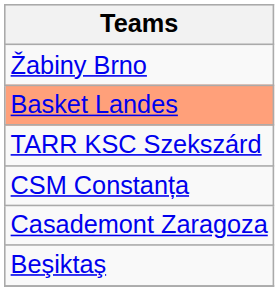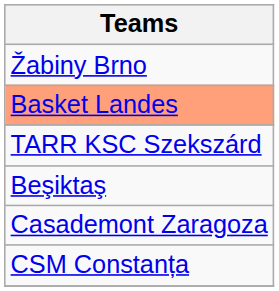 <table class="wikitable">
 <tr>
 <th>Teams</th>
 </tr>
 <tr>
 <td> <a href='#'>Žabiny Brno</a></td>
 </tr>
 <tr>
 <td style="background: lightsalmon;"> <a href='#'>Basket Landes</a></td>
 </tr>
 <tr>
 <td> <a href='#'>TARR KSC Szekszárd</a></td>
 </tr>
 <tr>
-<td> <a href='#'>CSM Constanța</a></td>
+<td> <a href='#'>Beşiktaş</a></td>
 </tr>
 <tr>
 <td> <a href='#'>Casademont Zaragoza</a></td>
 </tr>
 <tr>
-<td> <a href='#'>Beşiktaş</a></td>
+<td> <a href='#'>CSM Constanța</a></td>
 </tr>
 <tr>
 </tr>
 </table>
